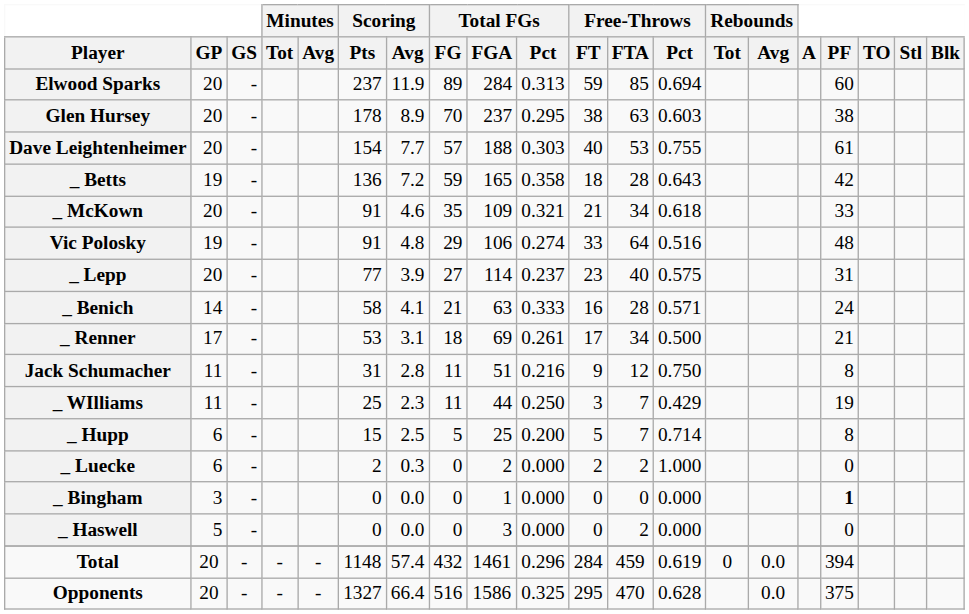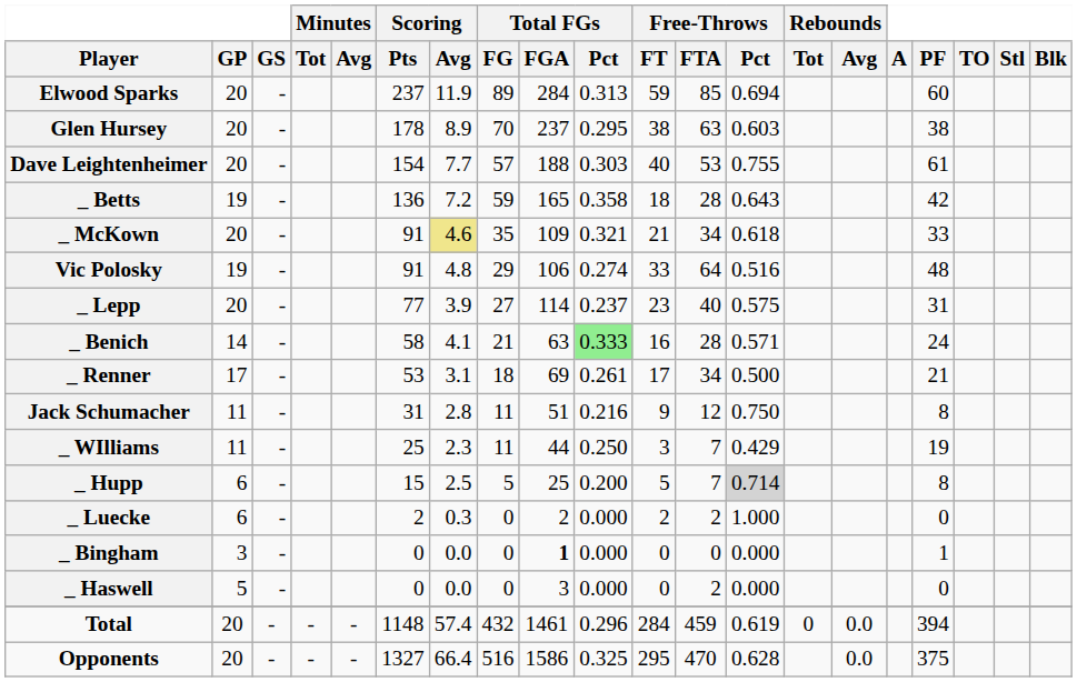 <table class="wikitable sortable" border="1" style="font-size:90%;">
 <tr>
 <th colspan="3" style="border-top-style:hidden; border-left-style:hidden; background: white;"></th>
 <th colspan="2" style=>Minutes</th>
 <th colspan="2" style=>Scoring</th>
 <th colspan="3" style=>Total FGs</th>
 <th colspan="3" style=>Free-Throws</th>
 <th colspan="2" style=>Rebounds</th>
 <th colspan="5" style="border-top-style:hidden; border-right-style:hidden; background: white;"></th>
 </tr>
 <tr>
 <th scope="col" style=>Player</th>
 <th scope="col" style=>GP</th>
 <th scope="col" style=>GS</th>
 <th scope="col" style=>Tot</th>
 <th scope="col" style=>Avg</th>
 <th scope="col" style=>Pts</th>
 <th scope="col" style=>Avg</th>
 <th scope="col" style=>FG</th>
 <th scope="col" style=>FGA</th>
 <th scope="col" style=>Pct</th>
 <th scope="col" style=>FT</th>
 <th scope="col" style=>FTA</th>
 <th scope="col" style=>Pct</th>
 <th scope="col" style=>Tot</th>
 <th scope="col" style=>Avg</th>
 <th scope="col" style=>A</th>
 <th scope="col" style=>PF</th>
 <th scope="col" style=>TO</th>
 <th scope="col" style=>Stl</th>
 <th scope="col" style=>Blk</th>
 </tr>
 <tr>
 <th>Elwood Sparks</th>
 <td align="right">20</td>
 <td align="right">-</td>
 <td align="right"></td>
 <td align="right"></td>
 <td align="right">237</td>
 <td align="right">11.9</td>
 <td align="right">89</td>
 <td align="right">284</td>
 <td align="right">0.313</td>
 <td align="right">59</td>
 <td align="right">85</td>
 <td align="right">0.694</td>
 <td align="right"></td>
 <td align="right"></td>
 <td align="right"></td>
 <td align="right">60</td>
 <td align="right"></td>
 <td align="right"></td>
 <td align="right"></td>
 </tr>
 <tr>
 <th>Glen Hursey</th>
 <td align="right">20</td>
 <td align="right">-</td>
 <td align="right"></td>
 <td align="right"></td>
 <td align="right">178</td>
 <td align="right">8.9</td>
 <td align="right">70</td>
 <td align="right">237</td>
 <td align="right">0.295</td>
 <td align="right">38</td>
 <td align="right">63</td>
 <td align="right">0.603</td>
 <td align="right"></td>
 <td align="right"></td>
 <td align="right"></td>
 <td align="right">38</td>
 <td align="right"></td>
 <td align="right"></td>
 <td align="right"></td>
 </tr>
 <tr>
 <th>Dave Leightenheimer</th>
 <td align="right">20</td>
 <td align="right">-</td>
 <td align="right"></td>
 <td align="right"></td>
 <td align="right">154</td>
 <td align="right">7.7</td>
 <td align="right">57</td>
 <td align="right">188</td>
 <td align="right">0.303</td>
 <td align="right">40</td>
 <td align="right">53</td>
 <td align="right">0.755</td>
 <td align="right"></td>
 <td align="right"></td>
 <td align="right"></td>
 <td align="right">61</td>
 <td align="right"></td>
 <td align="right"></td>
 <td align="right"></td>
 </tr>
 <tr>
 <th>_ Betts</th>
 <td align="right">19</td>
 <td align="right">-</td>
 <td align="right"></td>
 <td align="right"></td>
 <td align="right">136</td>
 <td align="right">7.2</td>
 <td align="right">59</td>
 <td align="right">165</td>
 <td align="right">0.358</td>
 <td align="right">18</td>
 <td align="right">28</td>
 <td align="right">0.643</td>
 <td align="right"></td>
 <td align="right"></td>
 <td align="right"></td>
 <td align="right">42</td>
 <td align="right"></td>
 <td align="right"></td>
 <td align="right"></td>
 </tr>
 <tr>
 <th>_ McKown</th>
 <td align="right">20</td>
 <td align="right">-</td>
 <td align="right"></td>
 <td align="right"></td>
 <td align="right">91</td>
-<td align="right">4.6</td>
+<td align="right" style="background: khaki;">4.6</td>
 <td align="right">35</td>
 <td align="right">109</td>
 <td align="right">0.321</td>
 <td align="right">21</td>
 <td align="right">34</td>
 <td align="right">0.618</td>
 <td align="right"></td>
 <td align="right"></td>
 <td align="right"></td>
 <td align="right">33</td>
 <td align="right"></td>
 <td align="right"></td>
 <td align="right"></td>
 </tr>
 <tr>
 <th>Vic Polosky</th>
 <td align="right">19</td>
 <td align="right">-</td>
 <td align="right"></td>
 <td align="right"></td>
 <td align="right">91</td>
 <td align="right">4.8</td>
 <td align="right">29</td>
 <td align="right">106</td>
 <td align="right">0.274</td>
 <td align="right">33</td>
 <td align="right">64</td>
 <td align="right">0.516</td>
 <td align="right"></td>
 <td align="right"></td>
 <td align="right"></td>
 <td align="right">48</td>
 <td align="right"></td>
 <td align="right"></td>
 <td align="right"></td>
 </tr>
 <tr>
 <th>_ Lepp</th>
 <td align="right">20</td>
 <td align="right">-</td>
 <td align="right"></td>
 <td align="right"></td>
 <td align="right">77</td>
 <td align="right">3.9</td>
 <td align="right">27</td>
 <td align="right">114</td>
 <td align="right">0.237</td>
 <td align="right">23</td>
 <td align="right">40</td>
 <td align="right">0.575</td>
 <td align="right"></td>
 <td align="right"></td>
 <td align="right"></td>
 <td align="right">31</td>
 <td align="right"></td>
 <td align="right"></td>
 <td align="right"></td>
 </tr>
 <tr>
 <th>_ Benich</th>
 <td align="right">14</td>
 <td align="right">-</td>
 <td align="right"></td>
 <td align="right"></td>
 <td align="right">58</td>
 <td align="right">4.1</td>
 <td align="right">21</td>
 <td align="right">63</td>
-<td align="right">0.333</td>
+<td align="right" style="background: lightgreen;">0.333</td>
 <td align="right">16</td>
 <td align="right">28</td>
 <td align="right">0.571</td>
 <td align="right"></td>
 <td align="right"></td>
 <td align="right"></td>
 <td align="right">24</td>
 <td align="right"></td>
 <td align="right"></td>
 <td align="right"></td>
 </tr>
 <tr>
 <th>_ Renner</th>
 <td align="right">17</td>
 <td align="right">-</td>
 <td align="right"></td>
 <td align="right"></td>
 <td align="right">53</td>
 <td align="right">3.1</td>
 <td align="right">18</td>
 <td align="right">69</td>
 <td align="right">0.261</td>
 <td align="right">17</td>
 <td align="right">34</td>
 <td align="right">0.500</td>
 <td align="right"></td>
 <td align="right"></td>
 <td align="right"></td>
 <td align="right">21</td>
 <td align="right"></td>
 <td align="right"></td>
 <td align="right"></td>
 </tr>
 <tr>
 <th>Jack Schumacher</th>
 <td align="right">11</td>
 <td align="right">-</td>
 <td align="right"></td>
 <td align="right"></td>
 <td align="right">31</td>
 <td align="right">2.8</td>
 <td align="right">11</td>
 <td align="right">51</td>
 <td align="right">0.216</td>
 <td align="right">9</td>
 <td align="right">12</td>
 <td align="right">0.750</td>
 <td align="right"></td>
 <td align="right"></td>
 <td align="right"></td>
 <td align="right">8</td>
 <td align="right"></td>
 <td align="right"></td>
 <td align="right"></td>
 </tr>
 <tr>
 <th>_ WIlliams</th>
 <td align="right">11</td>
 <td align="right">-</td>
 <td align="right"></td>
 <td align="right"></td>
 <td align="right">25</td>
 <td align="right">2.3</td>
 <td align="right">11</td>
 <td align="right">44</td>
 <td align="right">0.250</td>
 <td align="right">3</td>
 <td align="right">7</td>
 <td align="right">0.429</td>
 <td align="right"></td>
 <td align="right"></td>
 <td align="right"></td>
 <td align="right">19</td>
 <td align="right"></td>
 <td align="right"></td>
 <td align="right"></td>
 </tr>
 <tr>
 <th>_ Hupp</th>
 <td align="right">6</td>
 <td align="right">-</td>
 <td align="right"></td>
 <td align="right"></td>
 <td align="right">15</td>
 <td align="right">2.5</td>
 <td align="right">5</td>
 <td align="right">25</td>
 <td align="right">0.200</td>
 <td align="right">5</td>
 <td align="right">7</td>
-<td align="right">0.714</td>
+<td align="right" style="background: lightgrey;">0.714</td>
 <td align="right"></td>
 <td align="right"></td>
 <td align="right"></td>
 <td align="right">8</td>
 <td align="right"></td>
 <td align="right"></td>
 <td align="right"></td>
 </tr>
 <tr>
 <th>_ Luecke</th>
 <td align="right">6</td>
 <td align="right">-</td>
 <td align="right"></td>
 <td align="right"></td>
 <td align="right">2</td>
 <td align="right">0.3</td>
 <td align="right">0</td>
 <td align="right">2</td>
 <td align="right">0.000</td>
 <td align="right">2</td>
 <td align="right">2</td>
 <td align="right">1.000</td>
 <td align="right"></td>
 <td align="right"></td>
 <td align="right"></td>
 <td align="right">0</td>
 <td align="right"></td>
 <td align="right"></td>
 <td align="right"></td>
 </tr>
 <tr>
 <th>_ Bingham</th>
 <td align="right">3</td>
 <td align="right">-</td>
 <td align="right"></td>
 <td align="right"></td>
 <td align="right">0</td>
 <td align="right">0.0</td>
 <td align="right">0</td>
-<td align="right">1</td>
+<td align="right"><strong>1</strong></td>
 <td align="right">0.000</td>
 <td align="right">0</td>
 <td align="right">0</td>
 <td align="right">0.000</td>
 <td align="right"></td>
 <td align="right"></td>
 <td align="right"></td>
-<td align="right"><strong>1</strong></td>
+<td align="right">1</td>
 <td align="right"></td>
 <td align="right"></td>
 <td align="right"></td>
 </tr>
 <tr>
 <th>_ Haswell</th>
 <td align="right">5</td>
 <td align="right">-</td>
 <td align="right"></td>
 <td align="right"></td>
 <td align="right">0</td>
 <td align="right">0.0</td>
 <td align="right">0</td>
 <td align="right">3</td>
 <td align="right">0.000</td>
 <td align="right">0</td>
 <td align="right">2</td>
 <td align="right">0.000</td>
 <td align="right"></td>
 <td align="right"></td>
 <td align="right"></td>
 <td align="right">0</td>
 <td align="right"></td>
 <td align="right"></td>
 <td align="right"></td>
 </tr>
 <tr>
 </tr>
 <tr class="sortbottom">
 <td align="center" style=><strong>Total</strong></td>
 <td align="center" style=>20</td>
 <td align="center" style=>-</td>
 <td align="center" style=>-</td>
 <td align="center" style=>-</td>
 <td align="center" style=>1148</td>
 <td align="center" style=>57.4</td>
 <td align="center" style=>432</td>
 <td align="center" style=>1461</td>
 <td align="center" style=>0.296</td>
 <td align="center" style=>284</td>
 <td align="center" style=>459</td>
 <td align="center" style=>0.619</td>
 <td align="center" style=>0</td>
 <td align="center" style=>0.0</td>
 <td align="center" style=></td>
 <td align="center" style=>394</td>
 <td align="center" style=></td>
 <td align="center" style=></td>
 <td align="center" style=></td>
 </tr>
 <tr class="sortbottom">
 <td align="center"><strong>Opponents</strong></td>
 <td align="center">20</td>
 <td align="center">-</td>
 <td align="center">-</td>
 <td align="center">-</td>
 <td align="center">1327</td>
 <td align="center">66.4</td>
 <td align="center">516</td>
 <td align="center">1586</td>
 <td align="center">0.325</td>
 <td align="center">295</td>
 <td align="center">470</td>
 <td align="center">0.628</td>
 <td align="center"></td>
 <td align="center">0.0</td>
 <td align="center"></td>
 <td align="center">375</td>
 <td align="center"></td>
 <td align="center"></td>
 <td align="center"></td>
 </tr>
 </table>
